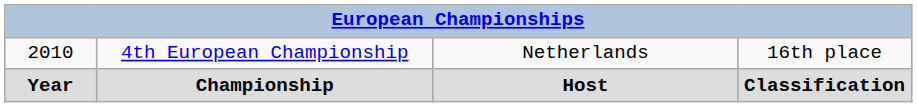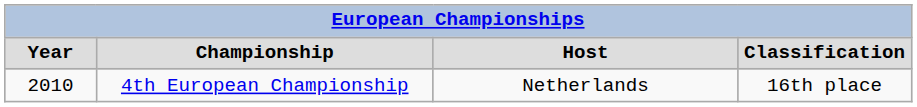 <table class="wikitable" style=font-size:90%>
 <tr align=center style="background:#B0C4DE;">
 <td colspan=4><strong><a href='#'>European Championships</a></strong></td>
+</tr>
+<tr align=center bgcolor="#dddddd">
+<td width=50><strong>Year</strong></td>
+<td width=200><strong>Championship</strong></td>
+<td width=180><strong>Host</strong></td>
+<td width=100><strong>Classification</strong></td>
 </tr>
 <tr align=center>
 <td>2010</td>
 <td><a href='#'>4th European Championship</a></td>
 <td>Netherlands</td>
 <td align="center">16th place</td>
 </tr>
-<tr align=center bgcolor="#dddddd">
-<td width=50><strong>Year</strong></td>
-<td width=200><strong>Championship</strong></td>
-<td width=180><strong>Host</strong></td>
-<td width=100><strong>Classification</strong></td>
-</tr>
 </table>
